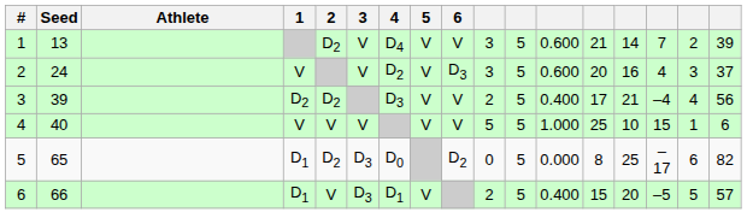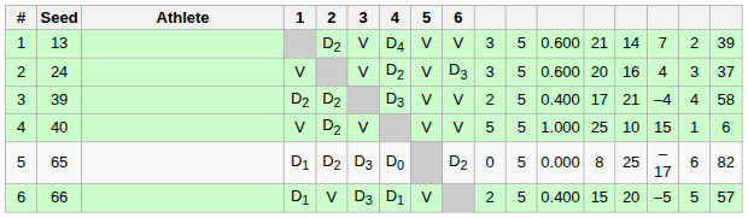 <table class="wikitable" style="text-align:center">
 <tr>
 <th width="25">#</th>
 <th width="25">Seed</th>
 <th width="200">Athlete</th>
 <th width="25">1</th>
 <th width="25">2</th>
 <th width="25">3</th>
 <th width="25">4</th>
 <th width="25">5</th>
 <th width="25">6</th>
 <th width="25"></th>
 <th width="25"></th>
 <th width="40"></th>
 <th width="25"></th>
 <th width="25"></th>
 <th width="25"></th>
 <th width="25"></th>
 <th width="25"></th>
 </tr>
 <tr bgcolor="#ccffcc">
 <td>1</td>
 <td>13</td>
 <td align=left></td>
 <td bgcolor="#cccccc"></td>
 <td>D<sub>2</sub></td>
 <td>V</td>
 <td>D<sub>4</sub></td>
 <td>V</td>
 <td>V</td>
 <td>3</td>
 <td>5</td>
 <td>0.600</td>
 <td>21</td>
 <td>14</td>
 <td>7</td>
 <td>2</td>
 <td>39</td>
 </tr>
 <tr bgcolor="#ccffcc">
 <td>2</td>
 <td>24</td>
 <td align=left></td>
 <td>V</td>
 <td bgcolor="#cccccc"></td>
 <td>V</td>
 <td>D<sub>2</sub></td>
 <td>V</td>
 <td>D<sub>3</sub></td>
 <td>3</td>
 <td>5</td>
 <td>0.600</td>
 <td>20</td>
 <td>16</td>
 <td>4</td>
 <td>3</td>
 <td>37</td>
 </tr>
 <tr bgcolor="#ccffcc">
 <td>3</td>
 <td>39</td>
 <td align=left></td>
 <td>D<sub>2</sub></td>
 <td>D<sub>2</sub></td>
 <td bgcolor="#cccccc"></td>
 <td>D<sub>3</sub></td>
 <td>V</td>
 <td>V</td>
 <td>2</td>
 <td>5</td>
 <td>0.400</td>
 <td>17</td>
 <td>21</td>
 <td>–4</td>
 <td>4</td>
-<td>56</td>
+<td>58</td>
 </tr>
 <tr bgcolor="#ccffcc">
 <td>4</td>
 <td>40</td>
 <td align=left></td>
 <td>V</td>
-<td>V</td>
+<td>D<sub>2</sub></td>
 <td>V</td>
 <td bgcolor="#cccccc"></td>
 <td>V</td>
 <td>V</td>
 <td>5</td>
 <td>5</td>
 <td>1.000</td>
 <td>25</td>
 <td>10</td>
 <td>15</td>
 <td>1</td>
 <td>6</td>
 </tr>
 <tr>
 <td>5</td>
 <td>65</td>
 <td align=left></td>
 <td>D<sub>1</sub></td>
 <td>D<sub>2</sub></td>
 <td>D<sub>3</sub></td>
 <td>D<sub>0</sub></td>
 <td bgcolor="#cccccc"></td>
 <td>D<sub>2</sub></td>
 <td>0</td>
 <td>5</td>
 <td>0.000</td>
 <td>8</td>
 <td>25</td>
 <td>–17</td>
 <td>6</td>
 <td>82</td>
 </tr>
 <tr bgcolor="#ccffcc">
 <td>6</td>
 <td>66</td>
 <td align=left></td>
 <td>D<sub>1</sub></td>
 <td>V</td>
 <td>D<sub>3</sub></td>
 <td>D<sub>1</sub></td>
 <td>V</td>
 <td bgcolor="#cccccc"></td>
 <td>2</td>
 <td>5</td>
 <td>0.400</td>
 <td>15</td>
 <td>20</td>
 <td>–5</td>
 <td>5</td>
 <td>57</td>
 </tr>
 </table>
